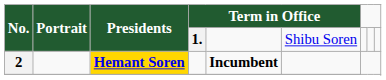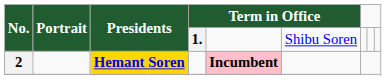 <table class="wikitable sortable" style="text-align: center;">
 <tr>
 <th rowspan ="2" style="background-color:#215B30; color:white">No.</th>
 <th rowspan ="2" style="background-color:#215B30; color:white">Portrait</th>
 <th rowspan ="2" style="background-color:#215B30; color:white">Presidents</th>
 <th colspan ="3"  style="background-color:#215B30; color:white">Term in Office</th>
 </tr>
 <tr>
 <th>1.</th>
 <td></td>
 <td><a href='#'>Shibu Soren</a></td>
 <td></td>
 <td></td>
 <td></td>
 </tr>
 <tr>
 <th>2</th>
 <td></td>
 <td style="background: gold;"><strong><a href='#'>Hemant Soren</a></strong></td>
 <td><strong></strong></td>
-<td><strong>Incumbent</strong></td>
+<td style="background: pink;"><strong>Incumbent</strong></td>
 <td></td>
 </tr>
 <tr>
 </tr>
 </table>
